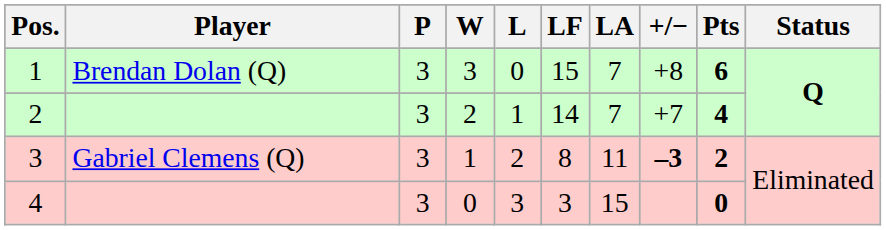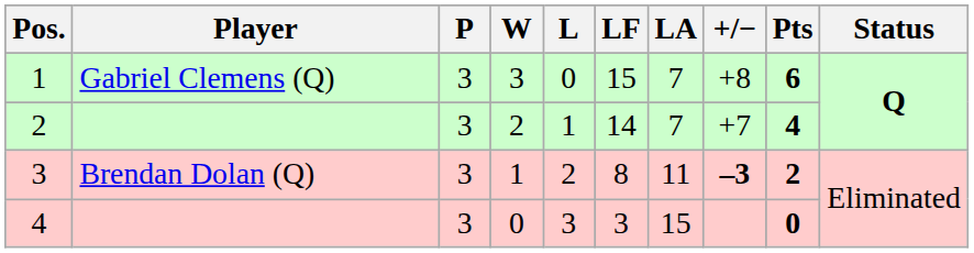 <table class="wikitable" style="text-align:center; margin: 1em auto 1em auto, align:left">
 <tr>
 <th width=20>Pos.</th>
 <th width=185>Player</th>
 <th width=20>P</th>
 <th width=20>W</th>
 <th width=20>L</th>
 <th width=20>LF</th>
 <th width=20>LA</th>
 <th width=25>+/−</th>
 <th width=20>Pts</th>
 <th width=70>Status</th>
 </tr>
 <tr style="background:#CCFFCC;">
 <td>1</td>
-<td align=left> <a href='#'>Brendan Dolan</a> (Q)</td>
+<td align=left> <a href='#'>Gabriel Clemens</a> (Q)</td>
 <td>3</td>
 <td>3</td>
 <td>0</td>
 <td>15</td>
 <td>7</td>
 <td>+8</td>
 <td><strong>6</strong></td>
 <td rowspan=2><strong>Q</strong></td>
 </tr>
 <tr style="background:#CCFFCC;">
 <td>2</td>
 <td align=left></td>
 <td>3</td>
 <td>2</td>
 <td>1</td>
 <td>14</td>
 <td>7</td>
 <td>+7</td>
 <td><strong>4</strong></td>
 </tr>
 <tr style="background:#FFCCCC;">
 <td>3</td>
-<td align=left> <a href='#'>Gabriel Clemens</a> (Q)</td>
+<td align=left> <a href='#'>Brendan Dolan</a> (Q)</td>
 <td>3</td>
 <td>1</td>
 <td>2</td>
 <td>8</td>
 <td>11</td>
 <td><strong>–3</strong></td>
 <td><strong>2</strong></td>
 <td rowspan=2>Eliminated</td>
 </tr>
 <tr style="background:#FFCCCC;">
 <td>4</td>
 <td align=left></td>
 <td>3</td>
 <td>0</td>
 <td>3</td>
 <td>3</td>
 <td>15</td>
 <td></td>
 <td><strong>0</strong></td>
 </tr>
 </table>
